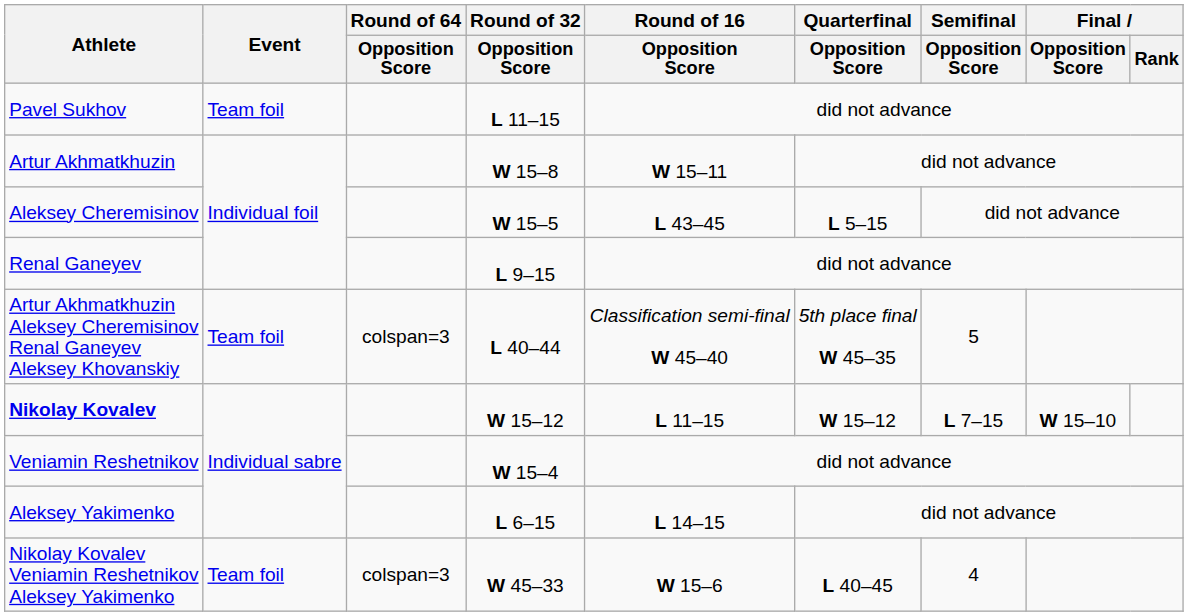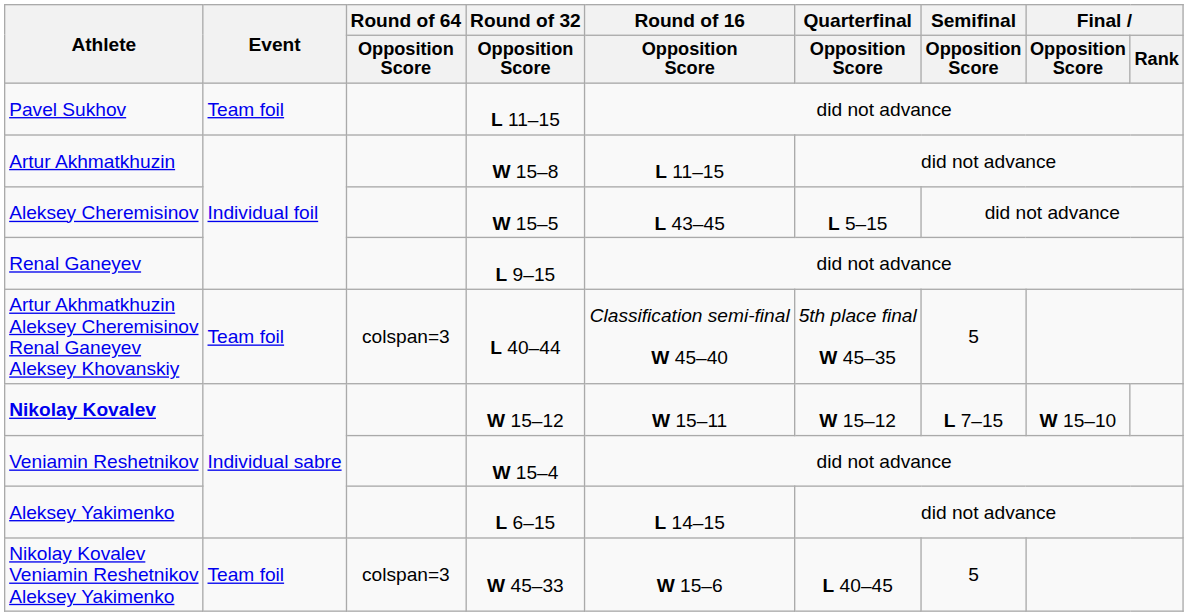 <table class="wikitable" style="font-size:90%">
 <tr>
 <th rowspan="2">Athlete</th>
 <th rowspan="2">Event</th>
 <th>Round of 64</th>
 <th>Round of 32</th>
 <th>Round of 16</th>
 <th>Quarterfinal</th>
 <th>Semifinal</th>
 <th colspan=2>Final / </th>
 </tr>
 <tr style="font-size:95%">
 <th>Opposition <br> Score</th>
 <th>Opposition <br> Score</th>
 <th>Opposition <br> Score</th>
 <th>Opposition <br> Score</th>
 <th>Opposition <br> Score</th>
 <th>Opposition <br> Score</th>
 <th>Rank</th>
 </tr>
 <tr align=center>
 <td align=left><a href='#'>Pavel Sukhov</a></td>
 <td align=left><a href='#'>Team foil</a></td>
 <td></td>
 <td><br><strong>L</strong> 11–15</td>
 <td colspan=5>did not advance</td>
 </tr>
 <tr align=center>
 <td align=left><a href='#'>Artur Akhmatkhuzin</a></td>
 <td align=left rowspan=3><a href='#'>Individual foil</a></td>
 <td></td>
 <td><br><strong>W</strong> 15–8</td>
-<td><br><strong>W</strong> 15–11</td>
+<td><br><strong>L</strong> 11–15</td>
 <td colspan=4>did not advance</td>
 </tr>
 <tr align=center>
 <td align=left><a href='#'>Aleksey Cheremisinov</a></td>
 <td></td>
 <td><br><strong>W</strong> 15–5</td>
 <td><br><strong>L</strong> 43–45</td>
 <td><br><strong>L</strong> 5–15</td>
 <td colspan=3>did not advance</td>
 </tr>
 <tr align=center>
 <td align=left><a href='#'>Renal Ganeyev</a></td>
 <td></td>
 <td><br><strong>L</strong> 9–15</td>
 <td colspan=5>did not advance</td>
 </tr>
 <tr align=center>
 <td align=left><a href='#'>Artur Akhmatkhuzin</a><br><a href='#'>Aleksey Cheremisinov</a><br><a href='#'>Renal Ganeyev</a><br><a href='#'>Aleksey Khovanskiy</a></td>
 <td align=left><a href='#'>Team foil</a></td>
 <td>colspan=3 </td>
 <td><br><strong>L</strong> 40–44</td>
 <td><em>Classification semi-final</em><br><br><strong>W</strong> 45–40</td>
 <td><em>5th place final</em><br><br><strong>W</strong> 45–35</td>
 <td>5</td>
 </tr>
 <tr align=center>
 <td align=left><strong><a href='#'>Nikolay Kovalev</a></strong></td>
 <td align=left rowspan=3><a href='#'>Individual sabre</a></td>
 <td></td>
 <td><br><strong>W</strong> 15–12</td>
-<td><br><strong>L</strong> 11–15</td>
+<td><br><strong>W</strong> 15–11</td>
 <td><br><strong>W</strong> 15–12</td>
 <td><br><strong>L</strong> 7–15</td>
 <td><br><strong>W</strong> 15–10</td>
 <td></td>
 </tr>
 <tr align=center>
 <td align=left><a href='#'>Veniamin Reshetnikov</a></td>
 <td></td>
 <td><br><strong>W</strong> 15–4</td>
 <td colspan=5>did not advance</td>
 </tr>
 <tr align=center>
 <td align=left><a href='#'>Aleksey Yakimenko</a></td>
 <td></td>
 <td><br><strong>L</strong> 6–15</td>
 <td><br><strong>L</strong> 14–15</td>
 <td colspan=4>did not advance</td>
 </tr>
 <tr align=center>
 <td align=left><a href='#'>Nikolay Kovalev</a><br><a href='#'>Veniamin Reshetnikov</a><br><a href='#'>Aleksey Yakimenko</a></td>
 <td align=left><a href='#'>Team foil</a></td>
 <td>colspan=3 </td>
 <td><br><strong>W</strong> 45–33</td>
 <td><br><strong>W</strong> 15–6</td>
 <td><br><strong>L</strong> 40–45</td>
-<td>4</td>
+<td>5</td>
 </tr>
 </table>
